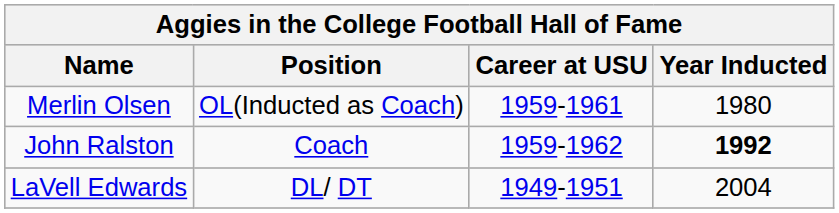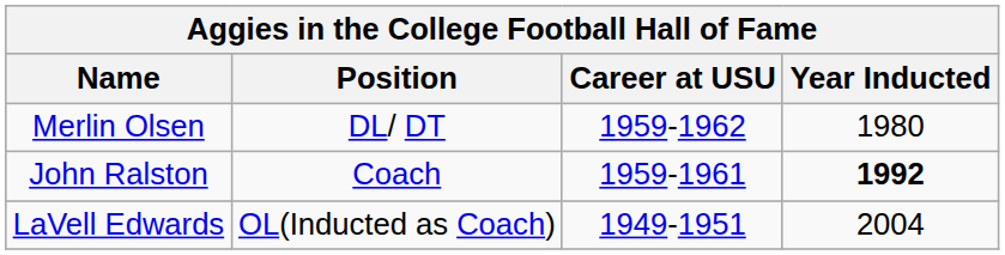 <table class="wikitable">
 <tr align="center">
 <th colspan=5>Aggies in the College Football Hall of Fame</th>
 </tr>
 <tr>
 <th>Name</th>
 <th>Position</th>
 <th>Career at USU</th>
 <th>Year Inducted</th>
 </tr>
 <tr align="center" bgcolor="">
 <td><a href='#'>Merlin Olsen</a></td>
-<td><a href='#'>OL</a>(Inducted as <a href='#'>Coach</a>)</td>
-<td><a href='#'>1959</a>-<a href='#'>1961</a></td>
+<td><a href='#'>DL</a>/ <a href='#'>DT</a></td>
+<td><a href='#'>1959</a>-<a href='#'>1962</a></td>
 <td>1980</td>
 </tr>
 <tr align="center" bgcolor="">
 <td><a href='#'>John Ralston</a></td>
 <td><a href='#'>Coach</a></td>
-<td><a href='#'>1959</a>-<a href='#'>1962</a></td>
+<td><a href='#'>1959</a>-<a href='#'>1961</a></td>
 <td><strong>1992</strong></td>
 </tr>
 <tr align="center" bgcolor="">
 <td><a href='#'>LaVell Edwards</a></td>
-<td><a href='#'>DL</a>/ <a href='#'>DT</a></td>
+<td><a href='#'>OL</a>(Inducted as <a href='#'>Coach</a>)</td>
 <td><a href='#'>1949</a>-<a href='#'>1951</a></td>
 <td>2004</td>
 </tr>
 </table>
